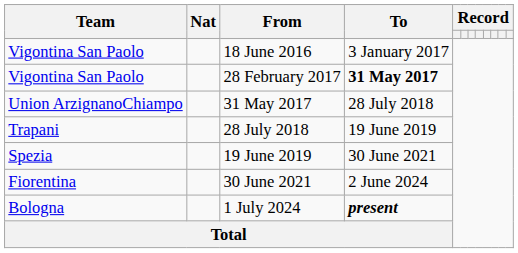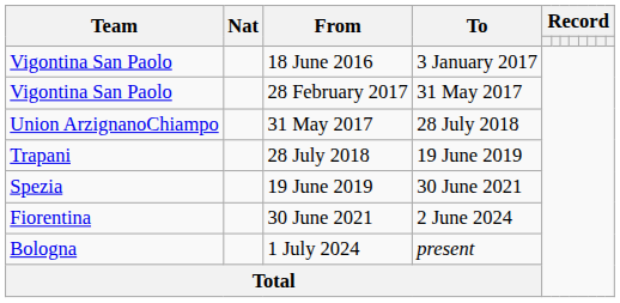 <table class="wikitable" style="text-align: center">
 <tr>
 <th rowspan="2">Team</th>
 <th rowspan="2">Nat</th>
 <th rowspan="2">From</th>
 <th rowspan="2">To</th>
 <th colspan="8">Record</th>
 </tr>
 <tr>
 <th></th>
 <th></th>
 <th></th>
 <th></th>
 <th></th>
 <th></th>
 <th></th>
 <th></th>
 </tr>
 <tr>
 <td align="left"><a href='#'>Vigontina San Paolo</a></td>
 <td></td>
 <td align="left">18 June 2016</td>
 <td align="left">3 January 2017<br></td>
 </tr>
 <tr>
 <td align="left"><a href='#'>Vigontina San Paolo</a></td>
 <td></td>
 <td align="left">28 February 2017</td>
-<td align="left"><strong>31 May 2017<br></strong></td>
+<td align="left">31 May 2017<br></td>
 </tr>
 <tr>
 <td align="left"><a href='#'>Union ArzignanoChiampo</a></td>
 <td></td>
 <td align="left">31 May 2017</td>
 <td align="left">28 July 2018<br></td>
 </tr>
 <tr>
 <td align="left"><a href='#'>Trapani</a></td>
 <td></td>
 <td align="left">28 July 2018</td>
 <td align="left">19 June 2019<br></td>
 </tr>
 <tr>
 <td align="left"><a href='#'>Spezia</a></td>
 <td></td>
 <td align="left">19 June 2019</td>
 <td align="left">30 June 2021<br></td>
 </tr>
 <tr>
 <td align="left"><a href='#'>Fiorentina</a></td>
 <td></td>
 <td align="left">30 June 2021</td>
 <td align="left">2 June 2024<br></td>
 </tr>
 <tr>
 <td align="left"><a href='#'>Bologna</a></td>
 <td></td>
 <td align="left">1 July 2024</td>
-<td align="left"><strong><em>present</em><br></strong></td>
+<td align="left"><em>present</em><br></td>
 </tr>
 <tr>
 <th colspan="4">Total<br></th>
 </tr>
 </table>
